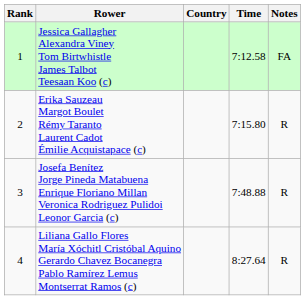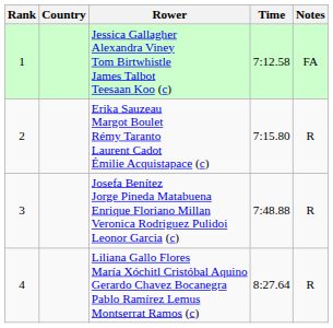 <table class="wikitable" style="text-align:center">
 <tr>
 <th>Rank</th>
+<th>Country</th>
 <th>Rower</th>
-<th>Country</th>
 <th>Time</th>
 <th>Notes</th>
 </tr>
 <tr bgcolor=ccffcc>
 <td>1</td>
+<td align="left"></td>
 <td align="left"><a href='#'>Jessica Gallagher</a><br><a href='#'>Alexandra Viney</a><br><a href='#'>Tom Birtwhistle</a><br><a href='#'>James Talbot</a><br><a href='#'>Teesaan Koo</a> (<a href='#'>c</a>)</td>
-<td align="left"></td>
 <td>7:12.58</td>
 <td>FA</td>
 </tr>
 <tr>
 <td>2</td>
+<td align="left"></td>
 <td align="left"><a href='#'>Erika Sauzeau</a><br><a href='#'>Margot Boulet</a><br><a href='#'>Rémy Taranto</a><br><a href='#'>Laurent Cadot</a><br><a href='#'>Émilie Acquistapace</a> (<a href='#'>c</a>)</td>
-<td align="left"></td>
 <td>7:15.80</td>
 <td>R</td>
 </tr>
 <tr>
 <td>3</td>
+<td align="left"></td>
 <td align="left"><a href='#'>Josefa Benítez</a><br><a href='#'>Jorge Pineda Matabuena</a><br><a href='#'>Enrique Floriano Millan</a><br><a href='#'>Veronica Rodriguez Pulidoi</a><br><a href='#'>Leonor Garcia</a> (<a href='#'>c</a>)</td>
-<td align="left"></td>
 <td>7:48.88</td>
 <td>R</td>
 </tr>
 <tr>
 <td>4</td>
+<td align="left"></td>
 <td align="left"><a href='#'>Liliana Gallo Flores</a><br><a href='#'>María Xóchitl Cristóbal Aquino</a><br><a href='#'>Gerardo Chavez Bocanegra</a><br><a href='#'>Pablo Ramírez Lemus</a><br><a href='#'>Montserrat Ramos</a> (<a href='#'>c</a>)</td>
-<td align="left"></td>
 <td>8:27.64</td>
 <td>R</td>
 </tr>
 </table>
